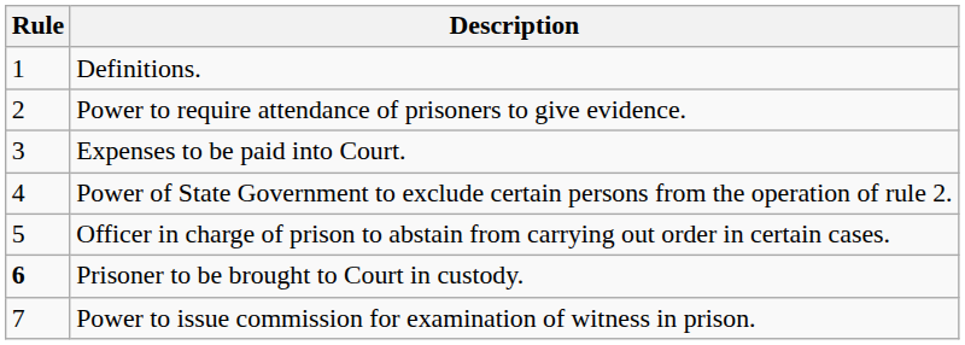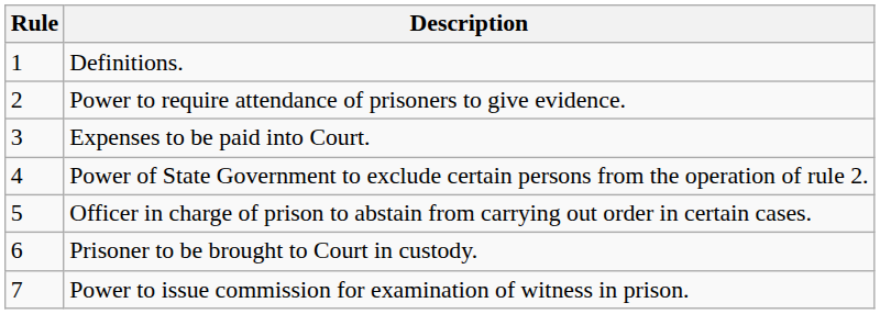 <table class="wikitable">
 <tr>
 <th>Rule</th>
 <th>Description</th>
 </tr>
 <tr>
 <td>1</td>
 <td>Definitions.</td>
 </tr>
 <tr>
 <td>2</td>
 <td>Power to require attendance of prisoners to give evidence.</td>
 </tr>
 <tr>
 <td>3</td>
 <td>Expenses to be paid into Court.</td>
 </tr>
 <tr>
 <td>4</td>
 <td>Power of State Government to exclude certain persons from the operation of rule 2.</td>
 </tr>
 <tr>
 <td>5</td>
 <td>Officer in charge of prison to abstain from carrying out order in certain cases.</td>
 </tr>
 <tr>
-<td><strong>6</strong></td>
+<td>6</td>
 <td>Prisoner to be brought to Court in custody.</td>
 </tr>
 <tr>
 <td>7</td>
 <td>Power to issue commission for examination of witness in prison.</td>
 </tr>
 </table>
